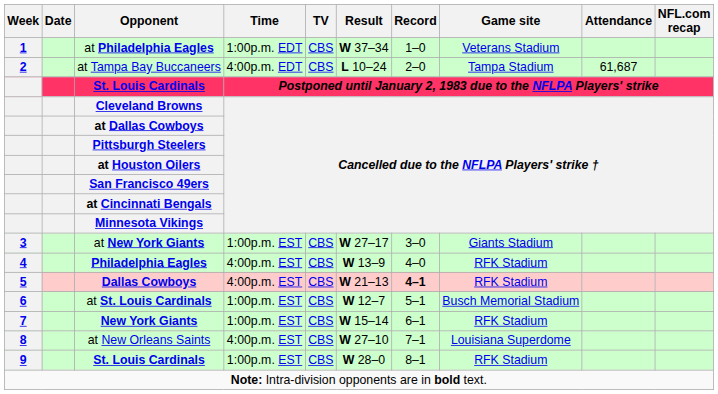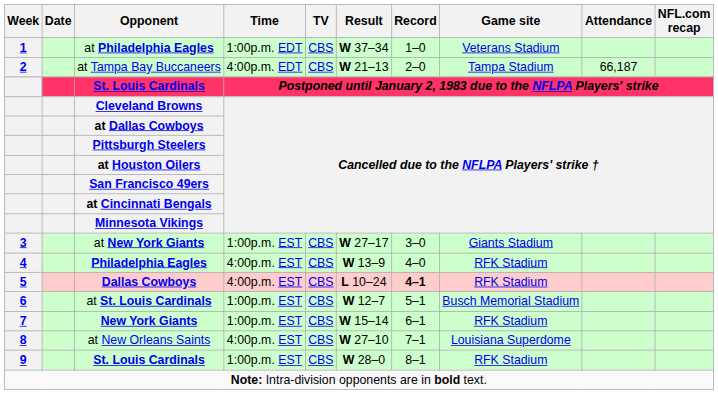 <table class="wikitable" style="text-align:center">
 <tr>
 <th>Week</th>
 <th>Date</th>
 <th>Opponent</th>
 <th>Time</th>
 <th>TV</th>
 <th>Result</th>
 <th>Record</th>
 <th>Game site</th>
 <th>Attendance</th>
 <th>NFL.com<br>recap</th>
 </tr>
 <tr style="background:#cfc">
 <th><a href='#'>1</a></th>
 <td></td>
 <td>at <strong><a href='#'>Philadelphia Eagles</a></strong></td>
 <td>1:00p.m. <a href='#'>EDT</a></td>
 <td><a href='#'>CBS</a></td>
 <td><strong>W</strong> 37–34 </td>
 <td>1–0</td>
 <td><a href='#'>Veterans Stadium</a></td>
 <td></td>
 <td></td>
 </tr>
 <tr style="background:#cfc">
 <th><a href='#'>2</a></th>
 <td></td>
 <td>at <a href='#'>Tampa Bay Buccaneers</a></td>
 <td>4:00p.m. <a href='#'>EDT</a></td>
 <td><a href='#'>CBS</a></td>
-<td><strong>L</strong> 10–24</td>
+<td><strong>W</strong> 21–13</td>
 <td>2–0</td>
 <td><a href='#'>Tampa Stadium</a></td>
-<td>61,687</td>
+<td>66,187</td>
 <td></td>
 </tr>
 <tr style="background:#F36;">
 <th></th>
 <td></td>
 <td><strong><a href='#'>St. Louis Cardinals</a></strong></td>
 <td colspan=7><strong><em>Postponed until January 2, 1983 due to the <a href='#'>NFLPA</a> Players' strike</em></strong></td>
 </tr>
 <tr>
 <th></th>
 <th></th>
 <th><a href='#'>Cleveland Browns</a></th>
 <th colspan="7" rowspan="7"><strong><em>Cancelled due to the <a href='#'>NFLPA</a> Players' strike †</em></strong></th>
 </tr>
 <tr>
 <th></th>
 <th></th>
 <th>at <strong><a href='#'>Dallas Cowboys</a></strong></th>
 </tr>
 <tr>
 <th></th>
 <th></th>
 <th><a href='#'>Pittsburgh Steelers</a></th>
 </tr>
 <tr>
 <th></th>
 <th></th>
 <th>at <a href='#'>Houston Oilers</a></th>
 </tr>
 <tr>
 <th></th>
 <th></th>
 <th><a href='#'>San Francisco 49ers</a></th>
 </tr>
 <tr>
 <th></th>
 <th></th>
 <th>at <a href='#'>Cincinnati Bengals</a></th>
 </tr>
 <tr>
 <th></th>
 <th></th>
 <th><a href='#'>Minnesota Vikings</a></th>
 </tr>
 <tr style="background:#cfc">
 <th><a href='#'>3</a></th>
 <td></td>
 <td>at <strong><a href='#'>New York Giants</a></strong></td>
 <td>1:00p.m. <a href='#'>EST</a></td>
 <td><a href='#'>CBS</a></td>
 <td><strong>W</strong> 27–17</td>
 <td>3–0</td>
 <td><a href='#'>Giants Stadium</a></td>
 <td></td>
 <td></td>
 </tr>
 <tr style="background:#cfc">
 <th><a href='#'>4</a></th>
 <td></td>
 <td><strong><a href='#'>Philadelphia Eagles</a></strong></td>
 <td>4:00p.m. <a href='#'>EST</a></td>
 <td><a href='#'>CBS</a></td>
 <td><strong>W</strong> 13–9</td>
 <td>4–0</td>
 <td><a href='#'>RFK Stadium</a></td>
 <td></td>
 <td></td>
 </tr>
 <tr style="background:#fcc">
 <th><a href='#'>5</a></th>
 <td></td>
 <td><strong><a href='#'>Dallas Cowboys</a></strong></td>
 <td>4:00p.m. <a href='#'>EST</a></td>
 <td><a href='#'>CBS</a></td>
-<td><strong>W</strong> 21–13</td>
+<td><strong>L</strong> 10–24</td>
 <td><strong>4–1</strong></td>
 <td><a href='#'>RFK Stadium</a></td>
 <td></td>
 <td></td>
 </tr>
 <tr style="background:#cfc">
 <th><a href='#'>6</a></th>
 <td></td>
 <td>at <strong><a href='#'>St. Louis Cardinals</a></strong></td>
 <td>1:00p.m. <a href='#'>EST</a></td>
 <td><a href='#'>CBS</a></td>
 <td><strong>W</strong> 12–7</td>
 <td>5–1</td>
 <td><a href='#'>Busch Memorial Stadium</a></td>
 <td></td>
 <td></td>
 </tr>
 <tr style="background:#cfc">
 <th><a href='#'>7</a></th>
 <td></td>
 <td><strong><a href='#'>New York Giants</a></strong></td>
 <td>1:00p.m. <a href='#'>EST</a></td>
 <td><a href='#'>CBS</a></td>
 <td><strong>W</strong> 15–14</td>
 <td>6–1</td>
 <td><a href='#'>RFK Stadium</a></td>
 <td></td>
 <td></td>
 </tr>
 <tr style="background:#cfc">
 <th><a href='#'>8</a></th>
 <td></td>
 <td>at <a href='#'>New Orleans Saints</a></td>
 <td>4:00p.m. <a href='#'>EST</a></td>
 <td><a href='#'>CBS</a></td>
 <td><strong>W</strong> 27–10</td>
 <td>7–1</td>
 <td><a href='#'>Louisiana Superdome</a></td>
 <td></td>
 <td></td>
 </tr>
 <tr style="background:#cfc">
 <th><a href='#'>9</a></th>
 <td></td>
 <td><strong><a href='#'>St. Louis Cardinals</a></strong></td>
 <td>1:00p.m. <a href='#'>EST</a></td>
 <td><a href='#'>CBS</a></td>
 <td><strong>W</strong> 28–0</td>
 <td>8–1</td>
 <td><a href='#'>RFK Stadium</a></td>
 <td></td>
 <td></td>
 </tr>
 <tr>
 <td colspan="10"><strong>Note:</strong> Intra-division opponents are in <strong>bold</strong> text.</td>
 </tr>
 </table>
